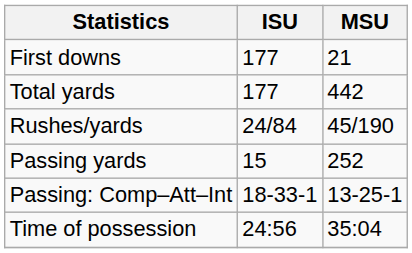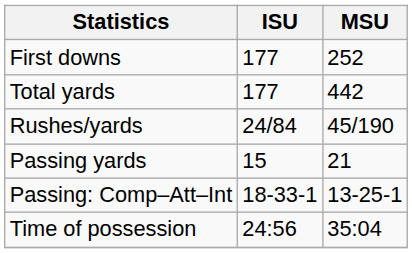 <table class="wikitable" style="float: left;">
 <tr>
 <th>Statistics</th>
 <th>ISU</th>
 <th>MSU</th>
 </tr>
 <tr>
 <td>First downs</td>
 <td>177</td>
-<td>21</td>
+<td>252</td>
 </tr>
 <tr>
 <td>Total yards</td>
 <td>177</td>
 <td>442</td>
 </tr>
 <tr>
 <td>Rushes/yards</td>
 <td>24/84</td>
 <td>45/190</td>
 </tr>
 <tr>
 <td>Passing yards</td>
 <td>15</td>
-<td>252</td>
+<td>21</td>
 </tr>
 <tr>
 <td>Passing: Comp–Att–Int</td>
 <td>18-33-1</td>
 <td>13-25-1</td>
 </tr>
 <tr>
 <td>Time of possession</td>
 <td>24:56</td>
 <td>35:04</td>
 </tr>
 <tr>
 </tr>
 </table>
